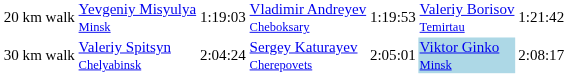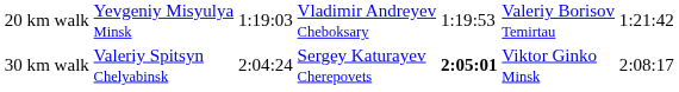 <table>
 <tr>
 <td>20 km walk</td>
 <td><a href='#'>Yevgeniy Misyulya</a><br><small> <a href='#'>Minsk</a></small></td>
 <td>1:19:03</td>
 <td><a href='#'>Vladimir Andreyev</a><br><small> <a href='#'>Cheboksary</a></small></td>
 <td>1:19:53</td>
 <td><a href='#'>Valeriy Borisov</a><br><small> <a href='#'>Temirtau</a></small></td>
 <td>1:21:42</td>
 </tr>
 <tr>
 <td>30 km walk</td>
 <td><a href='#'>Valeriy Spitsyn</a><br><small> <a href='#'>Chelyabinsk</a></small></td>
 <td>2:04:24</td>
 <td><a href='#'>Sergey Katurayev</a><br><small> <a href='#'>Cherepovets</a></small></td>
-<td>2:05:01</td>
-<td style="background: lightblue;"><a href='#'>Viktor Ginko</a><br><small> <a href='#'>Minsk</a></small></td>
+<td><strong>2:05:01</strong></td>
+<td><a href='#'>Viktor Ginko</a><br><small> <a href='#'>Minsk</a></small></td>
 <td>2:08:17</td>
 </tr>
 </table>
